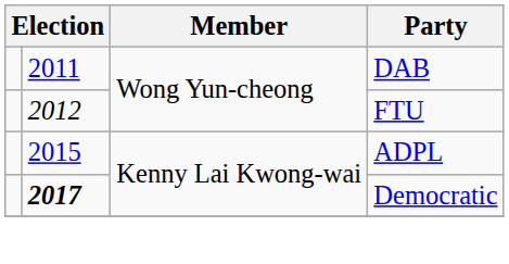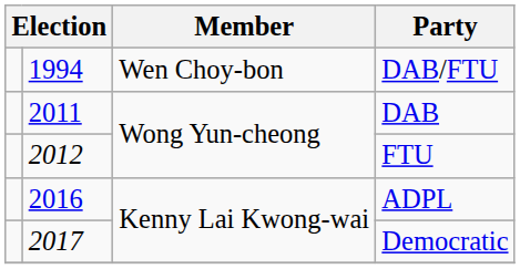 <table class="wikitable">
 <tr>
 <th colspan="2">Election</th>
 <th>Member</th>
 <th>Party</th>
+</tr>
+<tr>
+<td style="background-color:"></td>
+<td><a href='#'>1994</a></td>
+<td>Wen Choy-bon</td>
+<td><a href='#'>DAB</a>/<a href='#'>FTU</a></td>
 </tr>
 <tr>
 <td style="background-color:"></td>
 <td><a href='#'>2011</a></td>
 <td rowspan=2>Wong Yun-cheong</td>
 <td><a href='#'>DAB</a></td>
 </tr>
 <tr>
 <td style="background-color:"></td>
 <td><em>2012</em></td>
 <td><a href='#'>FTU</a></td>
 </tr>
 <tr>
 <td style="background-color:"></td>
-<td><a href='#'>2015</a></td>
+<td><a href='#'>2016</a></td>
 <td rowspan=2>Kenny Lai Kwong-wai</td>
 <td><a href='#'>ADPL</a></td>
 </tr>
 <tr>
 <td style="background-color:"></td>
-<td><strong><em>2017</em></strong></td>
+<td><em>2017</em></td>
 <td><a href='#'>Democratic</a></td>
 </tr>
 <tr>
 </tr>
 </table>
